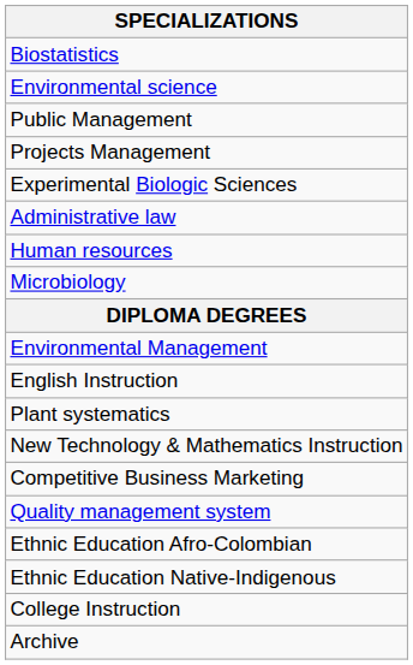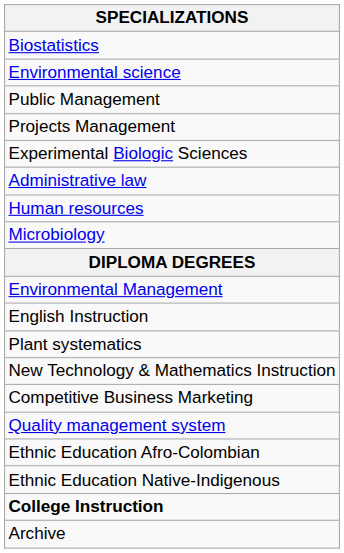 <table class="wikitable">
 <tr>
 <th>SPECIALIZATIONS </th>
 </tr>
 <tr>
 <td><a href='#'>Biostatistics</a></td>
 </tr>
 <tr>
 <td><a href='#'>Environmental science</a></td>
 </tr>
 <tr>
 <td>Public Management</td>
 </tr>
 <tr>
 <td>Projects Management</td>
 </tr>
 <tr>
 <td>Experimental <a href='#'>Biologic</a> Sciences</td>
 </tr>
 <tr>
 <td><a href='#'>Administrative law</a></td>
 </tr>
 <tr>
 <td><a href='#'>Human resources</a></td>
 </tr>
 <tr>
 <td><a href='#'>Microbiology</a></td>
 </tr>
 <tr>
 <th><strong>DIPLOMA DEGREES</strong></th>
 </tr>
 <tr>
 <td><a href='#'>Environmental Management</a></td>
 </tr>
 <tr>
 <td>English Instruction</td>
 </tr>
 <tr>
 <td>Plant systematics</td>
 </tr>
 <tr>
 <td>New Technology & Mathematics Instruction</td>
 </tr>
 <tr>
 <td>Competitive Business Marketing</td>
 </tr>
 <tr>
 <td><a href='#'>Quality management system</a></td>
 </tr>
 <tr>
 <td>Ethnic Education Afro-Colombian</td>
 </tr>
 <tr>
 <td>Ethnic Education Native-Indigenous</td>
 </tr>
 <tr>
-<td>College Instruction</td>
+<td><strong>College Instruction</strong></td>
 </tr>
 <tr>
 <td>Archive</td>
 </tr>
 </table>
